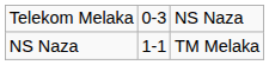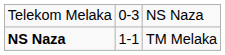 <table class="wikitable">
 <tr>
 <td>Telekom Melaka</td>
 <td>0-3</td>
 <td>NS Naza</td>
 </tr>
 <tr>
-<td>NS Naza</td>
+<td><strong>NS Naza</strong></td>
 <td>1-1</td>
 <td>TM Melaka</td>
 </tr>
 </table>
